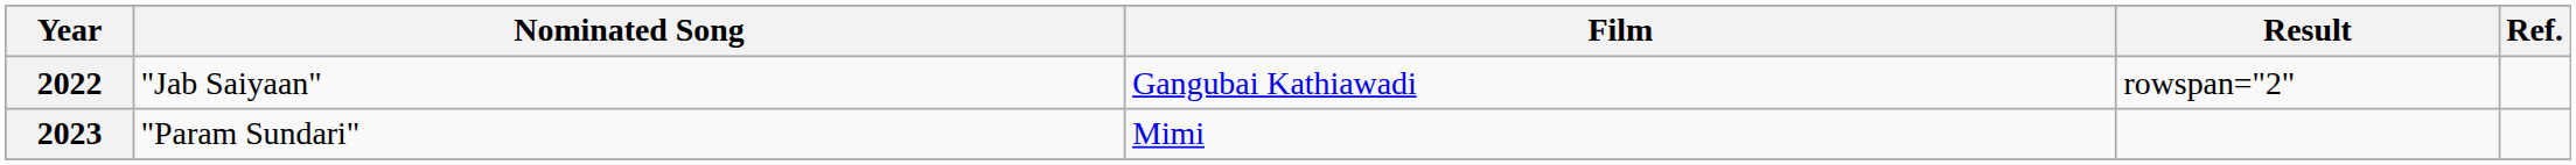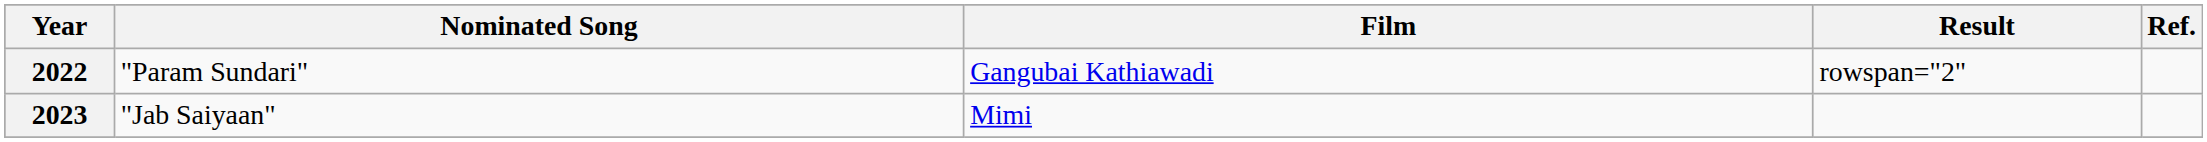 <table class="wikitable plainrowheaders" width="100%" textcolor:#000;">
 <tr>
 <th scope="col" width=5%><strong>Year</strong></th>
 <th scope="col" width=39%><strong>Nominated Song</strong></th>
 <th scope="col" width=39%><strong>Film</strong></th>
 <th scope="col" width=15%><strong>Result</strong></th>
 <th scope="col" width=2%><strong>Ref.</strong></th>
 </tr>
 <tr>
 <th scope="row">2022</th>
-<td>"Jab Saiyaan"</td>
+<td>"Param Sundari"</td>
 <td><a href='#'>Gangubai Kathiawadi</a></td>
 <td>rowspan="2" </td>
 <td></td>
 </tr>
 <tr>
 <th scope="row">2023</th>
-<td>"Param Sundari"</td>
+<td>"Jab Saiyaan"</td>
 <td><a href='#'>Mimi</a></td>
 <td></td>
 </tr>
 </table>
